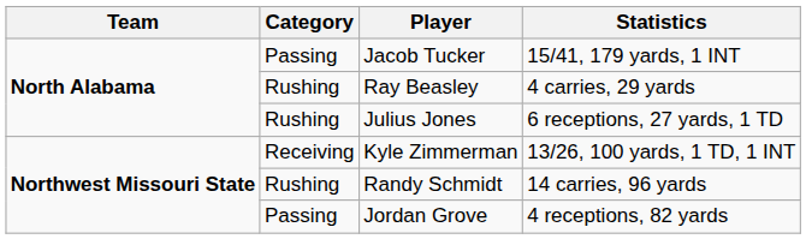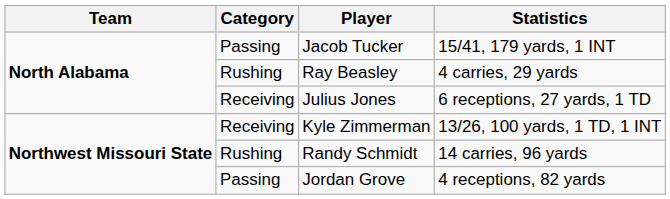 <table class="wikitable" style="float: right;">
 <tr>
 <th>Team</th>
 <th>Category</th>
 <th>Player</th>
 <th>Statistics</th>
 </tr>
 <tr>
 <td rowspan=3><strong>North Alabama</strong></td>
 <td>Passing</td>
 <td>Jacob Tucker</td>
 <td>15/41, 179 yards, 1 INT</td>
 </tr>
 <tr>
 <td>Rushing</td>
 <td>Ray Beasley</td>
 <td>4 carries, 29 yards</td>
 </tr>
 <tr>
-<td>Rushing</td>
+<td>Receiving</td>
 <td>Julius Jones</td>
 <td>6 receptions, 27 yards, 1 TD</td>
 </tr>
 <tr>
 <td rowspan=3><strong>Northwest Missouri State</strong></td>
 <td>Receiving</td>
 <td>Kyle Zimmerman</td>
 <td>13/26, 100 yards, 1 TD, 1 INT</td>
 </tr>
 <tr>
 <td>Rushing</td>
 <td>Randy Schmidt</td>
 <td>14 carries, 96 yards</td>
 </tr>
 <tr>
 <td>Passing</td>
 <td>Jordan Grove</td>
 <td>4 receptions, 82 yards</td>
 </tr>
 </table>
